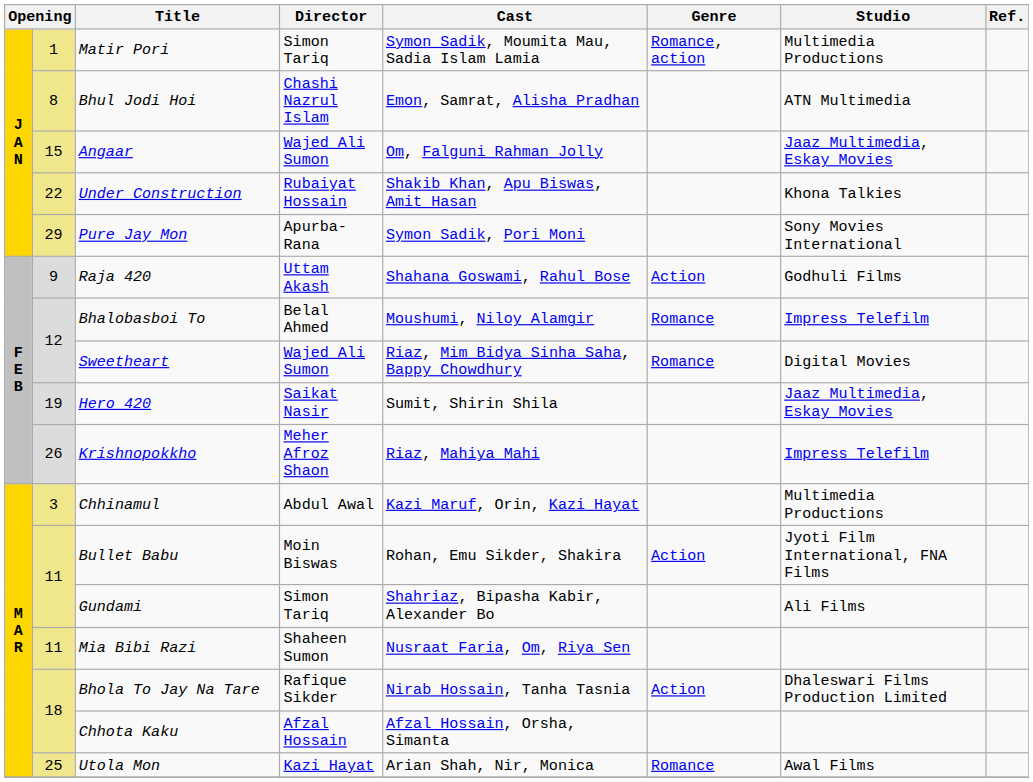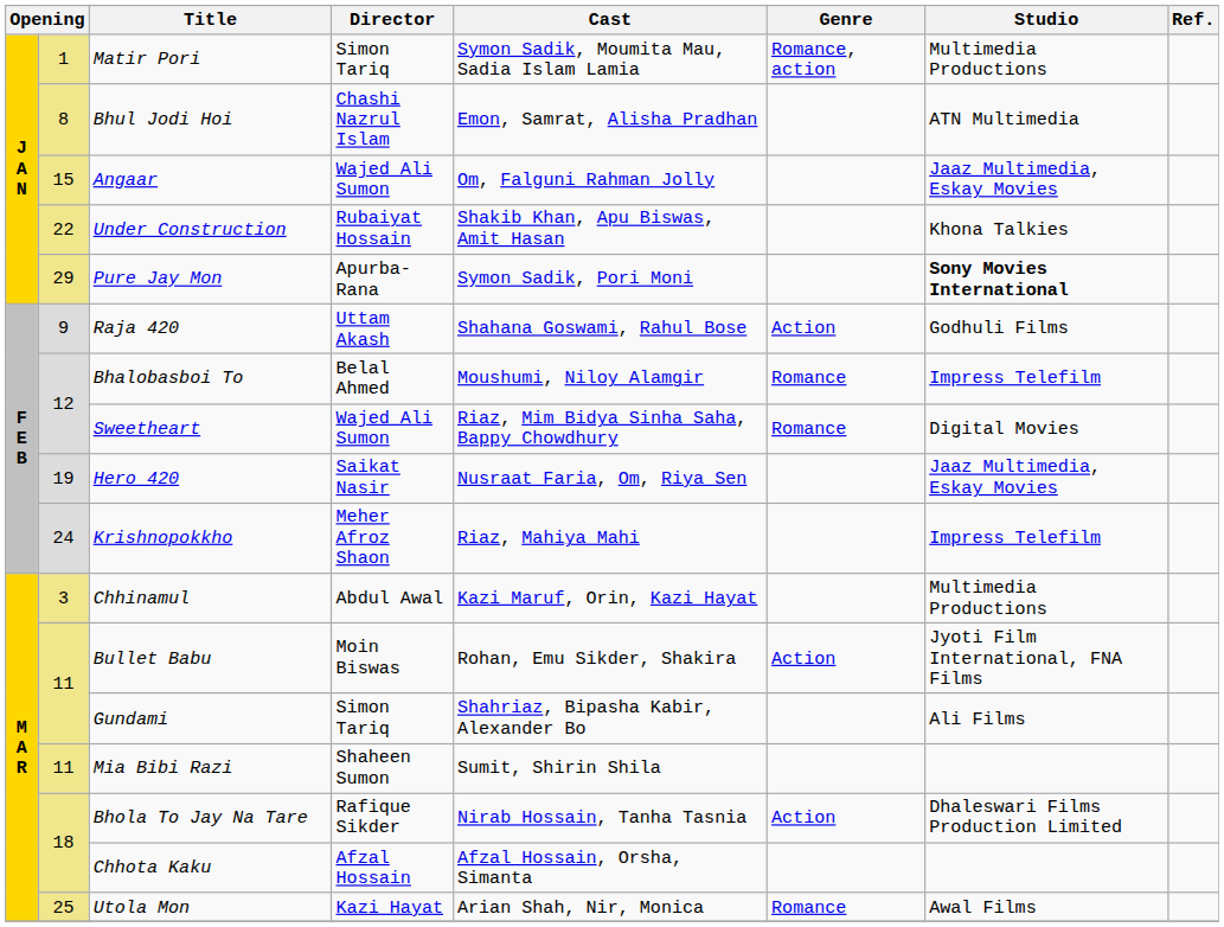 <table class="wikitable sortable" style="width:100%;">
 <tr>
 <th colspan="2">Opening</th>
 <th style="width:20%;">Title</th>
 <th style="width:10%;">Director</th>
 <th>Cast</th>
 <th style="width:13%">Genre</th>
 <th style="width:20%">Studio</th>
 <th>Ref.</th>
 </tr>
 <tr>
 <td rowspan=5 style="text-align:center; background:#FFD700; textcolor:#000;"><strong>J<br>A<br>N</strong></td>
 <td style="text-align:center; background:#F0E68C; textcolor:#000;">1</td>
 <td><em>Matir Pori</em></td>
 <td>Simon Tariq</td>
 <td><a href='#'>Symon Sadik</a>, Moumita Mau, Sadia Islam Lamia</td>
 <td><a href='#'>Romance</a>, <a href='#'>action</a></td>
 <td>Multimedia Productions</td>
 <td></td>
 </tr>
 <tr>
 <td style="text-align:center; background:#F0E68C; textcolor:#000;">8</td>
 <td><em>Bhul Jodi Hoi</em></td>
 <td><a href='#'>Chashi Nazrul Islam</a></td>
 <td><a href='#'>Emon</a>, Samrat, <a href='#'>Alisha Pradhan</a></td>
 <td></td>
 <td>ATN Multimedia</td>
 <td></td>
 </tr>
 <tr>
 <td style="text-align:center; background:#F0E68C; textcolor:#000;">15</td>
 <td><em><a href='#'>Angaar</a></em></td>
 <td><a href='#'>Wajed Ali Sumon</a></td>
 <td><a href='#'>Om</a>, <a href='#'>Falguni Rahman Jolly</a></td>
 <td></td>
 <td><a href='#'>Jaaz Multimedia</a>, <a href='#'>Eskay Movies</a></td>
 <td></td>
 </tr>
 <tr>
 <td style="text-align:center; background:#F0E68C; textcolor:#000;">22</td>
 <td><em><a href='#'>Under Construction</a></em></td>
 <td><a href='#'>Rubaiyat Hossain</a></td>
 <td><a href='#'>Shakib Khan</a>, <a href='#'>Apu Biswas</a>, <a href='#'>Amit Hasan</a></td>
 <td></td>
 <td>Khona Talkies</td>
 <td></td>
 </tr>
 <tr>
 <td style="text-align:center; background:#F0E68C; textcolor:#000;">29</td>
 <td><em><a href='#'>Pure Jay Mon</a></em></td>
 <td>Apurba-Rana</td>
 <td><a href='#'>Symon Sadik</a>, <a href='#'>Pori Moni</a></td>
 <td></td>
-<td>Sony Movies International</td>
+<td><strong>Sony Movies International</strong></td>
 <td></td>
 </tr>
 <tr>
 <td rowspan=5 style="text-align:center; background:#C0C0C0; textcolor:#000;"><strong>F<br>E<br>B</strong></td>
 <td style="text-align:center; background:#DCDCDC; textcolor:#000;">9</td>
 <td><em>Raja 420</em></td>
 <td><a href='#'>Uttam Akash</a></td>
 <td><a href='#'>Shahana Goswami</a>, <a href='#'>Rahul Bose</a></td>
 <td><a href='#'>Action</a></td>
 <td>Godhuli Films</td>
 <td></td>
 </tr>
 <tr>
 <td rowspan=2 style="text-align:center; background:#DCDCDC; textcolor:#000;">12</td>
 <td><em>Bhalobasboi To</em></td>
 <td>Belal Ahmed</td>
 <td><a href='#'>Moushumi</a>, <a href='#'>Niloy Alamgir</a></td>
 <td><a href='#'>Romance</a></td>
 <td><a href='#'>Impress Telefilm</a></td>
 <td></td>
 </tr>
 <tr>
 <td><em><a href='#'>Sweetheart</a></em></td>
 <td><a href='#'>Wajed Ali Sumon</a></td>
 <td><a href='#'>Riaz</a>, <a href='#'>Mim Bidya Sinha Saha</a>, <a href='#'>Bappy Chowdhury</a></td>
 <td><a href='#'>Romance</a></td>
 <td>Digital Movies</td>
 <td></td>
 </tr>
 <tr>
 <td style="text-align:center; background:#DCDCDC; textcolor:#000;">19</td>
 <td><em><a href='#'>Hero 420</a></em></td>
 <td><a href='#'>Saikat Nasir</a></td>
-<td>Sumit, Shirin Shila</td>
+<td><a href='#'>Nusraat Faria</a>, <a href='#'>Om</a>, <a href='#'>Riya Sen</a></td>
 <td></td>
 <td><a href='#'>Jaaz Multimedia</a>, <a href='#'>Eskay Movies</a></td>
 <td></td>
 </tr>
 <tr>
-<td style="text-align:center; background:#DCDCDC; textcolor:#000;">26</td>
+<td style="text-align:center; background:#DCDCDC; textcolor:#000;">24</td>
 <td><em><a href='#'>Krishnopokkho</a></em></td>
 <td><a href='#'>Meher Afroz Shaon</a></td>
 <td><a href='#'>Riaz</a>, <a href='#'>Mahiya Mahi</a></td>
 <td></td>
 <td><a href='#'>Impress Telefilm</a></td>
 <td></td>
 </tr>
 <tr>
 <td rowspan=7 style="text-align:center; background:#FFD700; textcolor:#000;"><strong>M<br>A<br>R</strong></td>
 <td style="text-align:center; background:#F0E68C; textcolor:#000;">3</td>
 <td><em>Chhinamul</em></td>
 <td>Abdul Awal</td>
 <td><a href='#'>Kazi Maruf</a>, Orin, <a href='#'>Kazi Hayat</a></td>
 <td></td>
 <td>Multimedia Productions</td>
 <td></td>
 </tr>
 <tr>
 <td rowspan=2 style="text-align:center; background:#F0E68C; textcolor:#000;">11</td>
 <td><em>Bullet Babu</em></td>
 <td>Moin Biswas</td>
 <td>Rohan, Emu Sikder, Shakira</td>
 <td><a href='#'>Action</a></td>
 <td>Jyoti Film International, FNA Films</td>
 <td></td>
 </tr>
 <tr>
 <td><em>Gundami</em></td>
 <td>Simon Tariq</td>
 <td><a href='#'>Shahriaz</a>, Bipasha Kabir, Alexander Bo</td>
 <td></td>
 <td>Ali Films</td>
 <td></td>
 </tr>
 <tr>
 <td style="text-align:center; background:#F0E68C; textcolor:#000;">11</td>
 <td><em>Mia Bibi Razi</em></td>
 <td>Shaheen Sumon</td>
-<td><a href='#'>Nusraat Faria</a>, <a href='#'>Om</a>, <a href='#'>Riya Sen</a></td>
+<td>Sumit, Shirin Shila</td>
 <td></td>
 <td></td>
 <td></td>
 </tr>
 <tr>
 <td rowspan=2 style="text-align:center; background:#F0E68C; textcolor:#000;">18</td>
 <td><em>Bhola To Jay Na Tare</em></td>
 <td>Rafique Sikder</td>
 <td><a href='#'>Nirab Hossain</a>, Tanha Tasnia</td>
 <td><a href='#'>Action</a></td>
 <td>Dhaleswari Films Production Limited</td>
 <td></td>
 </tr>
 <tr>
 <td><em>Chhota Kaku</em></td>
 <td><a href='#'>Afzal Hossain</a></td>
 <td><a href='#'>Afzal Hossain</a>, Orsha, Simanta</td>
 <td></td>
 <td></td>
 <td></td>
 </tr>
 <tr>
 <td style="text-align:center; background:#F0E68C; textcolor:#000;">25</td>
 <td><em>Utola Mon</em></td>
 <td><a href='#'>Kazi Hayat</a></td>
 <td>Arian Shah, Nir, Monica</td>
 <td><a href='#'>Romance</a></td>
 <td>Awal Films</td>
 <td></td>
 </tr>
 <tr>
 </tr>
 </table>
